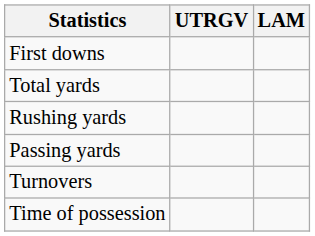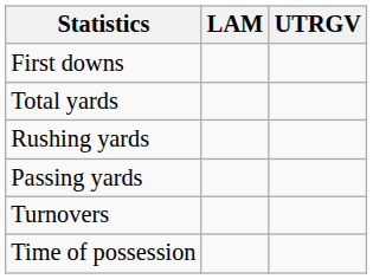 <table class="wikitable" style="float:left">
 <tr>
 <th>Statistics</th>
+<th>LAM</th>
 <th>UTRGV</th>
-<th>LAM</th>
 </tr>
 <tr>
 <td>First downs</td>
 <td></td>
 <td></td>
 </tr>
 <tr>
 <td>Total yards</td>
 <td></td>
 <td></td>
 </tr>
 <tr>
 <td>Rushing yards</td>
 <td></td>
 <td></td>
 </tr>
 <tr>
 <td>Passing yards</td>
 <td></td>
 <td></td>
 </tr>
 <tr>
 <td>Turnovers</td>
 <td></td>
 <td></td>
 </tr>
 <tr>
 <td>Time of possession</td>
 <td></td>
 <td></td>
 </tr>
 </table>
